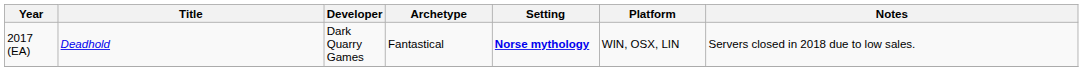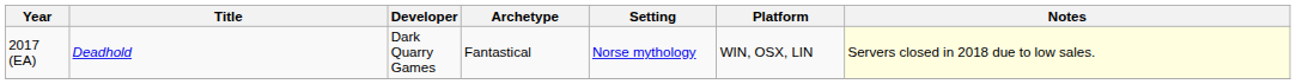 <table class="wikitable sortable" style="font-size:85%;width:100%">
 <tr>
 <th width="5%">Year</th>
 <th width="25%">Title</th>
 <th width="5%">Developer</th>
 <th width="10%">Archetype</th>
 <th width="10%">Setting</th>
 <th width="10%">Platform</th>
 <th width="35%">Notes</th>
 </tr>
 <tr>
 <td>2017 (EA)</td>
 <td><em><a href='#'>Deadhold</a></em></td>
 <td>Dark Quarry Games</td>
 <td>Fantastical</td>
-<td><strong><a href='#'>Norse mythology</a></strong></td>
+<td><a href='#'>Norse mythology</a></td>
 <td>WIN, OSX, LIN</td>
-<td>Servers closed in 2018 due to low sales.</td>
+<td style="background: lightyellow;">Servers closed in 2018 due to low sales.</td>
 </tr>
 <tr>
 </tr>
 </table>
